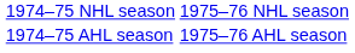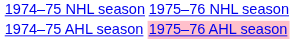 <table>
 <tr>
 <td><a href='#'>1974–75 NHL season</a></td>
 <td><a href='#'>1975–76 NHL season</a></td>
 </tr>
 <tr>
 <td><a href='#'>1974–75 AHL season</a></td>
-<td><a href='#'>1975–76 AHL season</a></td>
+<td style="background: pink;"><a href='#'>1975–76 AHL season</a></td>
 </tr>
 <tr>
 </tr>
 </table>
